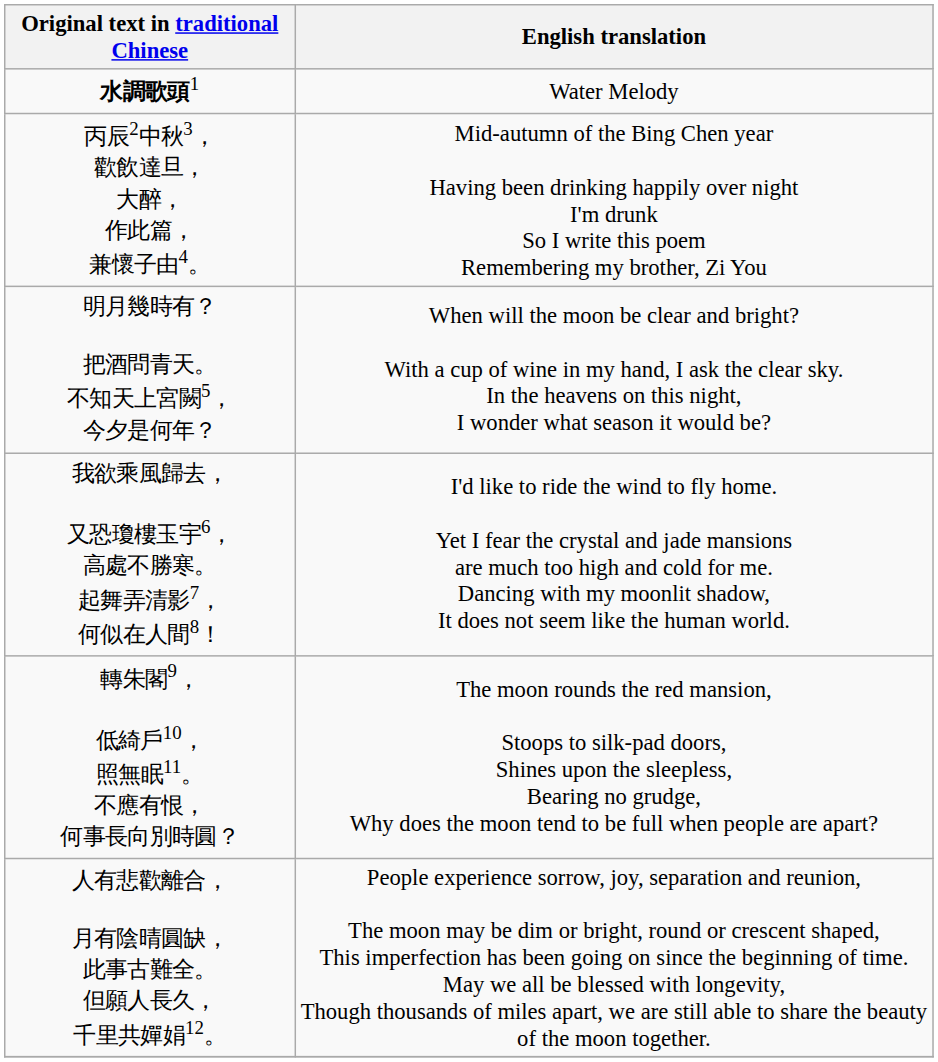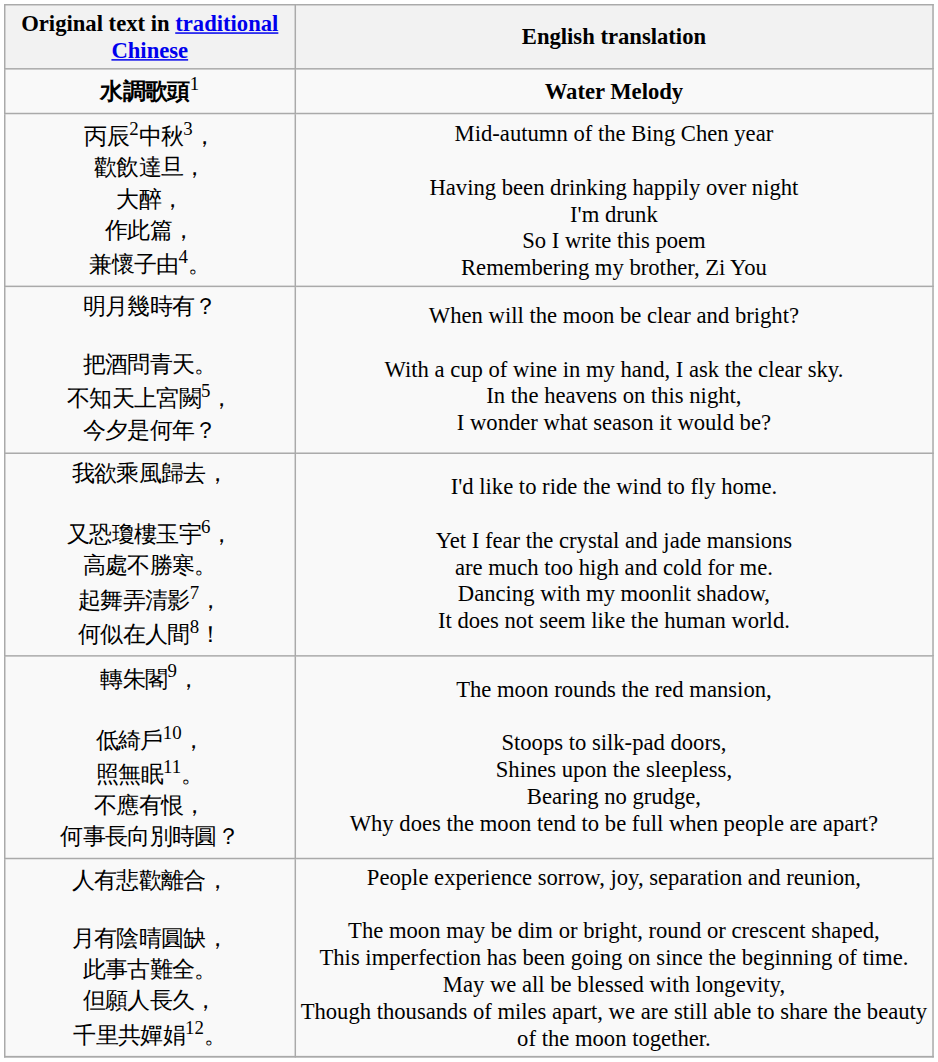 <table class="wikitable" style="font-size: 95%; margin-right: auto; text-align: center;">
 <tr>
 <th width=25%>Original text in <a href='#'>traditional Chinese</a></th>
 <th width=55%>English translation</th>
 </tr>
 <tr>
 <td lang="zh-Hant"><strong>水調歌頭</strong><sup>1</sup></td>
-<td>Water Melody</td>
+<td><strong>Water Melody</strong></td>
 </tr>
 <tr>
 <td lang="zh-Hant">丙辰<sup>2</sup>中秋<sup>3</sup>，<br>歡飲達旦， <br> 大醉， <br> 作此篇， <br> 兼懷子由<sup>4</sup>。</td>
 <td>Mid-autumn of the Bing Chen year <br><br>Having been drinking happily over night <br> I'm drunk <br> So I write this poem <br> Remembering my brother, Zi You <br></td>
 </tr>
 <tr>
 <td lang="zh-Hant">明月幾時有？ <br><br>把酒問青天。 <br> 不知天上宮闕<sup>5</sup>，<br>  今夕是何年？</td>
 <td>When will the moon be clear and bright? <br><br>With a cup of wine in my hand, I ask the clear sky. <br> In the heavens on this night, <br> I wonder what season it would be?</td>
 </tr>
 <tr>
 <td lang="zh-Hant">我欲乘風歸去，<br><br>又恐瓊樓玉宇<sup>6</sup>， <br> 高處不勝寒。 <br> 起舞弄清影<sup>7</sup>， <br> 何似在人間<sup>8</sup>！</td>
 <td>I'd like to ride the wind to fly home. <br><br>Yet I fear the crystal and jade mansions <br> are much too high and cold for me. <br> Dancing with my moonlit shadow, <br> It does not seem like the human world.</td>
 </tr>
 <tr>
 <td lang="zh-Hant">轉朱閣<sup>9</sup>，<br><br>低綺戶<sup>10</sup>， <br> 照無眠<sup>11</sup>。 <br> 不應有恨， <br> 何事長向別時圓？</td>
 <td>The moon rounds the red mansion,<br><br>Stoops to silk-pad doors,  <br> Shines upon the sleepless, <br> Bearing no grudge, <br> Why does the moon tend to be full when people are apart?</td>
 </tr>
 <tr>
 <td lang="zh-Hant">人有悲歡離合， <br><br>月有陰晴圓缺， <br> 此事古難全。 <br> 但願人長久， <br> 千里共嬋娟<sup>12</sup>。</td>
 <td>People experience sorrow, joy, separation and reunion, <br><br>The moon may be dim or bright, round or crescent shaped, <br> This imperfection has been going on since the beginning of time. <br> May we all be blessed with longevity, <br> Though thousands of miles apart, we are still able to share the beauty of the moon together.</td>
 </tr>
 <tr>
 </tr>
 </table>
